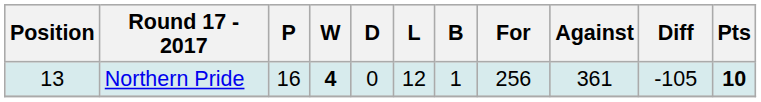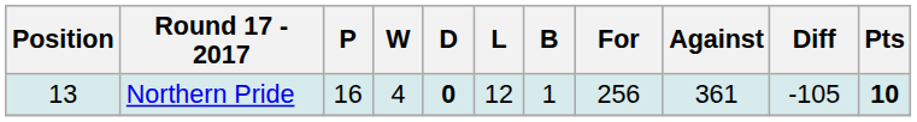 <table class="wikitable" style="text-align:center; font-size:85%;">
 <tr>
 <th width=40 abbr="Position">Position</th>
 <th width=100>Round 17 - 2017</th>
 <th width=20 abbr="Played">P</th>
 <th width=20 abbr="Won">W</th>
 <th width=20 abbr="Drawn">D</th>
 <th width=20 abbr="Lost">L</th>
 <th width=20 abbr="Bye">B</th>
 <th width=40 abbr="Points for">For</th>
 <th width=40 abbr="Points against">Against</th>
 <th width=40 abbr="Points difference">Diff</th>
 <th width=20 abbr="Points">Pts</th>
 </tr>
 <tr style="background: #d7ebed;">
 <td>13</td>
 <td style="text-align:left;"> <a href='#'>Northern Pride</a></td>
 <td>16</td>
-<td><strong>4</strong></td>
-<td>0</td>
+<td>4</td>
+<td><strong>0</strong></td>
 <td>12</td>
 <td>1</td>
 <td>256</td>
 <td>361</td>
 <td>-105</td>
 <td><strong>10</strong></td>
 </tr>
 <tr>
 </tr>
 </table>
